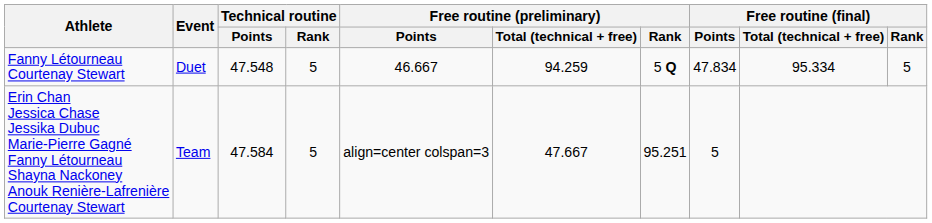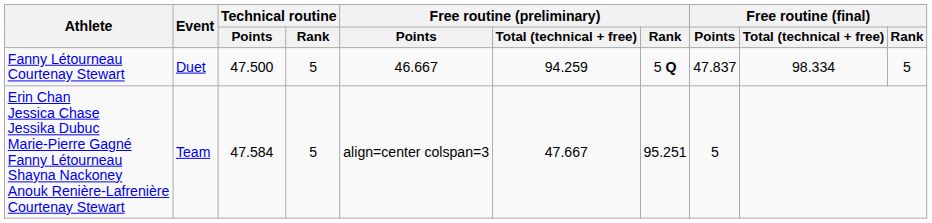 <table class="wikitable" style="font-size:90%">
 <tr>
 <th rowspan="2">Athlete</th>
 <th rowspan="2">Event</th>
 <th colspan=2>Technical routine</th>
 <th colspan=3>Free routine (preliminary)</th>
 <th colspan=3>Free routine (final)</th>
 </tr>
 <tr style="font-size:95%">
 <th>Points</th>
 <th>Rank</th>
 <th>Points</th>
 <th>Total (technical + free)</th>
 <th>Rank</th>
 <th>Points</th>
 <th>Total (technical + free)</th>
 <th>Rank</th>
 </tr>
 <tr align=center>
 <td align=left><a href='#'>Fanny Létourneau</a><br><a href='#'>Courtenay Stewart</a></td>
 <td align=left><a href='#'>Duet</a></td>
-<td>47.548</td>
+<td>47.500</td>
 <td>5</td>
 <td>46.667</td>
 <td>94.259</td>
 <td>5 <strong>Q</strong></td>
-<td>47.834</td>
-<td>95.334</td>
+<td>47.837</td>
+<td>98.334</td>
 <td>5</td>
 </tr>
 <tr align=center>
 <td align=left><a href='#'>Erin Chan</a><br><a href='#'>Jessica Chase</a><br><a href='#'>Jessika Dubuc</a><br><a href='#'>Marie-Pierre Gagné</a><br><a href='#'>Fanny Létourneau</a><br><a href='#'>Shayna Nackoney</a><br><a href='#'>Anouk Renière-Lafrenière</a><br><a href='#'>Courtenay Stewart</a></td>
 <td align=left><a href='#'>Team</a></td>
 <td>47.584</td>
 <td>5</td>
 <td>align=center colspan=3 </td>
 <td>47.667</td>
 <td>95.251</td>
 <td>5</td>
 </tr>
 </table>
